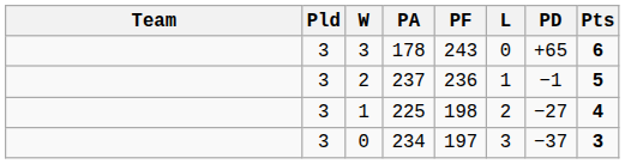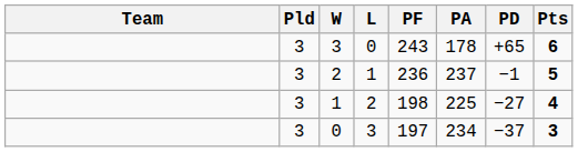 <table class="wikitable" style="text-align:center;">
 <tr>
 <th width=200>Team</th>
 <th width=20>Pld</th>
 <th width=20>W</th>
+<th width=20>L</th>
+<th width=30>PF</th>
 <th width=30>PA</th>
-<th width=30>PF</th>
-<th width=20>L</th>
 <th width=30>PD</th>
 <th width=20>Pts</th>
 </tr>
 <tr>
 <td align=left></td>
 <td>3</td>
 <td>3</td>
+<td>0</td>
+<td>243</td>
 <td>178</td>
-<td>243</td>
-<td>0</td>
 <td>+65</td>
 <td><strong>6</strong></td>
 </tr>
 <tr>
 <td align=left></td>
 <td>3</td>
 <td>2</td>
+<td>1</td>
+<td>236</td>
 <td>237</td>
-<td>236</td>
-<td>1</td>
 <td>−1</td>
 <td><strong>5</strong></td>
 </tr>
 <tr>
 <td align=left></td>
 <td>3</td>
 <td>1</td>
+<td>2</td>
+<td>198</td>
 <td>225</td>
-<td>198</td>
-<td>2</td>
 <td>−27</td>
 <td><strong>4</strong></td>
 </tr>
 <tr>
 <td align=left></td>
 <td>3</td>
 <td>0</td>
+<td>3</td>
+<td>197</td>
 <td>234</td>
-<td>197</td>
-<td>3</td>
 <td>−37</td>
 <td><strong>3</strong></td>
 </tr>
 </table>
